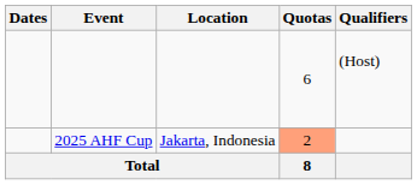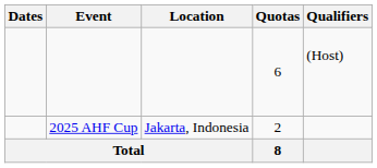 <table class="wikitable">
 <tr>
 <th>Dates</th>
 <th>Event</th>
 <th>Location</th>
 <th>Quotas</th>
 <th>Qualifiers</th>
 </tr>
 <tr>
 <td></td>
 <td></td>
 <td></td>
 <td align=center>6</td>
 <td><br> (Host)<br><br><br><br></td>
 </tr>
 <tr>
 <td></td>
 <td><a href='#'>2025 AHF Cup</a></td>
 <td><a href='#'>Jakarta</a>, Indonesia</td>
-<td align=center style="background: lightsalmon;">2</td>
+<td align=center>2</td>
 <td><br></td>
 </tr>
 <tr>
 <th colspan=3>Total</th>
 <th>8</th>
 <th></th>
 </tr>
 </table>
